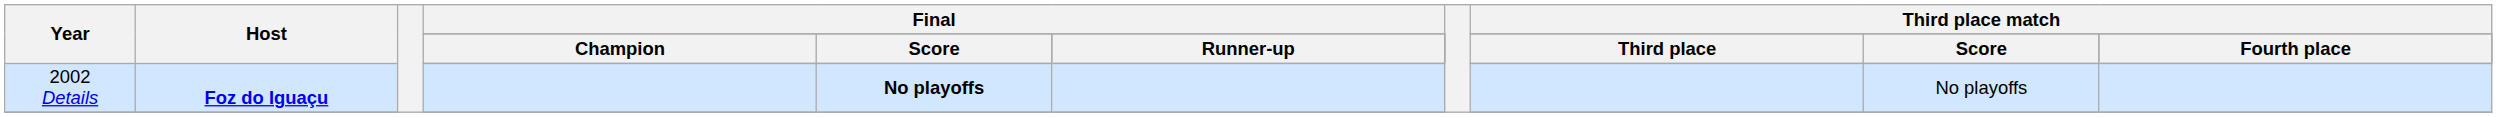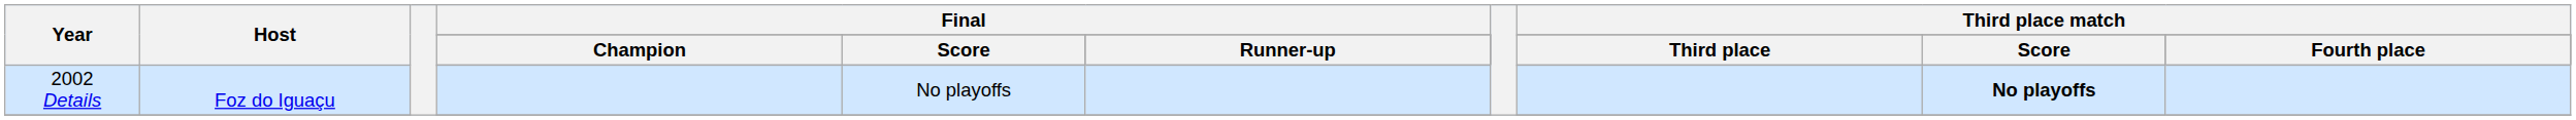 <table class="wikitable" style="font-size:90%; width: 98%; text-align: center;">
 <tr bgcolor=#C1D8FF>
 <th rowspan=2 width=5%>Year</th>
 <th rowspan=2 width=10%>Host</th>
 <th width=1% rowspan=100 bgcolor=ffffff></th>
 <th colspan=3>Final</th>
 <th width=1% rowspan=100 bgcolor=ffffff></th>
 <th colspan=3>Third place match</th>
 </tr>
 <tr bgcolor=FEF>
 <th width=15%>Champion</th>
 <th width=9%>Score</th>
 <th width=15%>Runner-up</th>
 <th width=15%>Third place</th>
 <th width=9%>Score</th>
 <th width=15%>Fourth place</th>
 </tr>
 <tr bgcolor=#D0E7FF>
 <td>2002<br><em><a href='#'>Details</a></em></td>
-<td><strong><br><a href='#'>Foz do Iguaçu</a></strong></td>
+<td><br><a href='#'>Foz do Iguaçu</a></td>
 <td><strong></strong></td>
-<td><strong><span>No playoffs</span></strong></td>
+<td><span>No playoffs</span></td>
 <td></td>
 <td></td>
-<td><span>No playoffs</span></td>
+<td><strong><span>No playoffs</span></strong></td>
 <td></td>
 </tr>
 <tr>
 </tr>
 </table>
